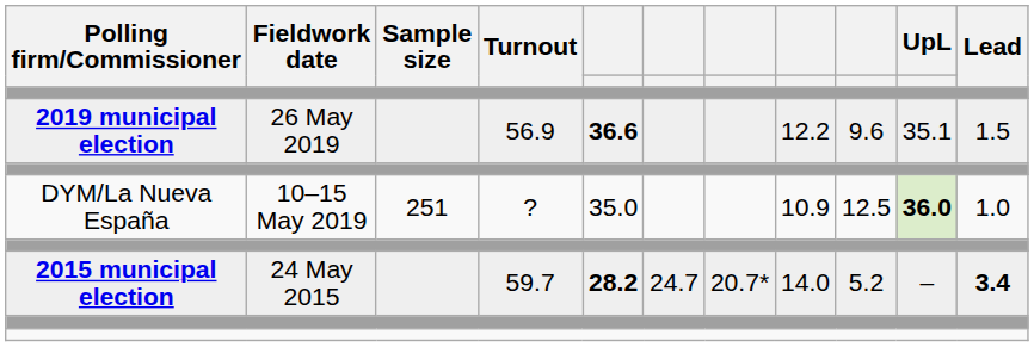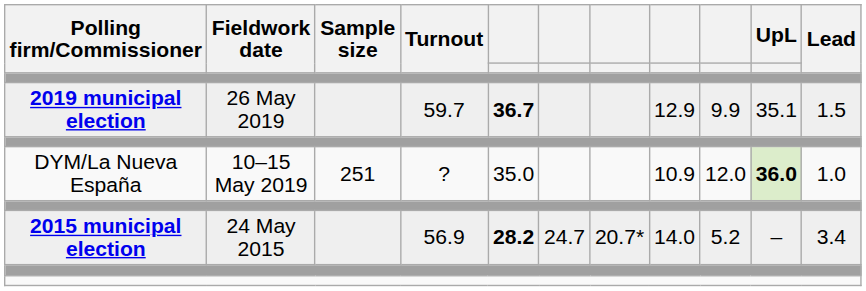 <table class="wikitable collapsible collapsed" style="text-align:center; font-size:95%; line-height:16px;">
 <tr style="height:42px;">
 <th style="width:250px;" rowspan="2">Polling firm/Commissioner</th>
 <th style="width:125px;" rowspan="2">Fieldwork date</th>
 <th style="width:50px;" rowspan="2">Sample size</th>
 <th style="width:45px;" rowspan="2">Turnout</th>
 <th style="width:35px;"></th>
 <th style="width:35px;"></th>
 <th style="width:35px;"></th>
 <th style="width:35px;"></th>
 <th style="width:35px;"></th>
 <th style="width:35px;">UpL</th>
 <th style="width:30px;" rowspan="2">Lead</th>
 </tr>
 <tr>
 <th style="color:inherit;background:"></th>
 <th style="color:inherit;background:"></th>
 <th style="color:inherit;background:"></th>
 <th style="color:inherit;background:"></th>
 <th style="color:inherit;background:"></th>
 <th style="color:inherit;background:"></th>
 </tr>
 <tr>
 <td colspan="13" style="background:#A0A0A0"></td>
 </tr>
 <tr style="background:#EFEFEF;">
 <td><strong><a href='#'>2019 municipal election</a></strong></td>
 <td>26 May 2019</td>
 <td></td>
-<td>56.9</td>
-<td><strong>36.6</strong><br></td>
+<td>59.7</td>
+<td><strong>36.7</strong><br></td>
 <td></td>
 <td></td>
-<td>12.2<br></td>
-<td>9.6<br></td>
+<td>12.9<br></td>
+<td>9.9<br></td>
 <td>35.1<br></td>
 <td style="background:">1.5</td>
 </tr>
 <tr>
 <td colspan="13" style="background:#A0A0A0"></td>
 </tr>
 <tr>
 <td>DYM/La Nueva España</td>
 <td>10–15 May 2019</td>
 <td>251</td>
 <td>?</td>
 <td>35.0<br></td>
 <td></td>
 <td></td>
 <td>10.9<br></td>
-<td>12.5<br></td>
+<td>12.0<br></td>
 <td style="background:#DCEDCB"><strong>36.0</strong><br></td>
 <td style="background:">1.0</td>
 </tr>
 <tr>
 <td colspan="13" style="background:#A0A0A0"></td>
 </tr>
 <tr style="background:#EFEFEF;">
 <td><strong><a href='#'>2015 municipal election</a></strong></td>
 <td>24 May 2015</td>
 <td></td>
-<td>59.7</td>
+<td>56.9</td>
 <td><strong>28.2</strong><br></td>
 <td>24.7<br></td>
 <td>20.7*<br></td>
 <td>14.0<br></td>
 <td>5.2<br></td>
 <td>–</td>
-<td style="background:"><strong>3.4</strong></td>
+<td style="background:">3.4</td>
 </tr>
 <tr>
 <td colspan="13" style="background:#A0A0A0"></td>
 </tr>
 <tr>
 <td align="left" colspan="13"></td>
 </tr>
 </table>
